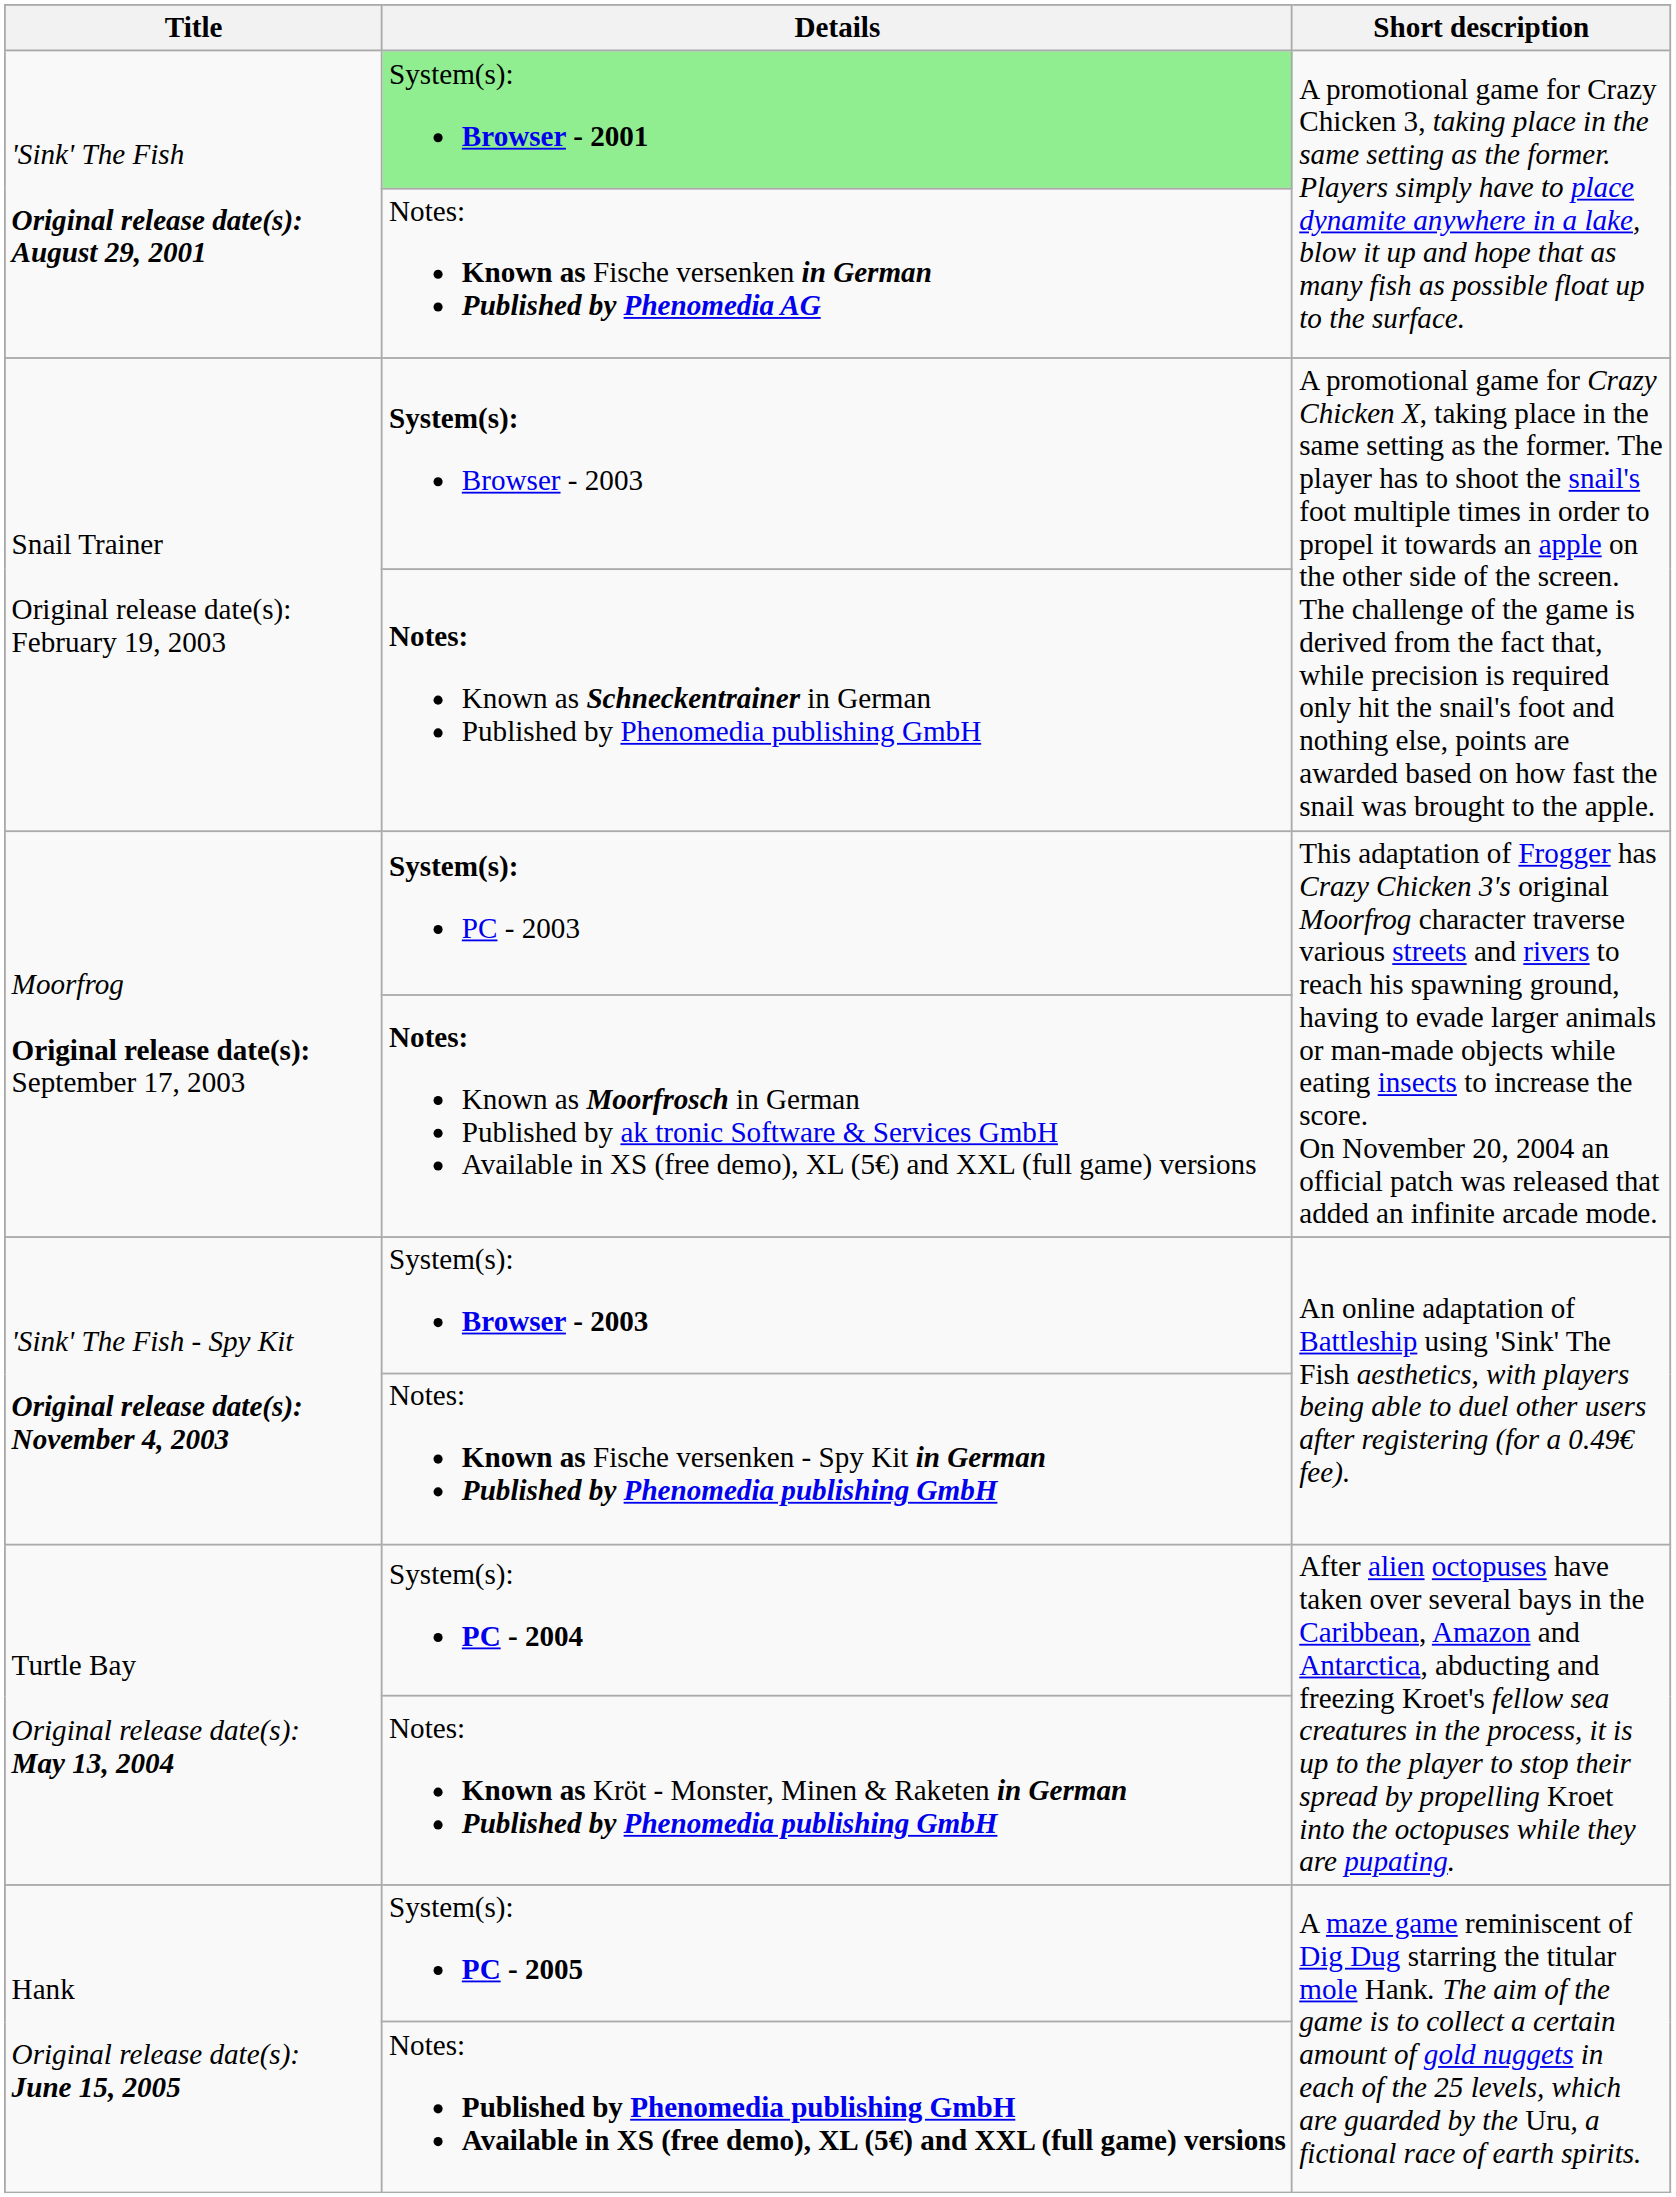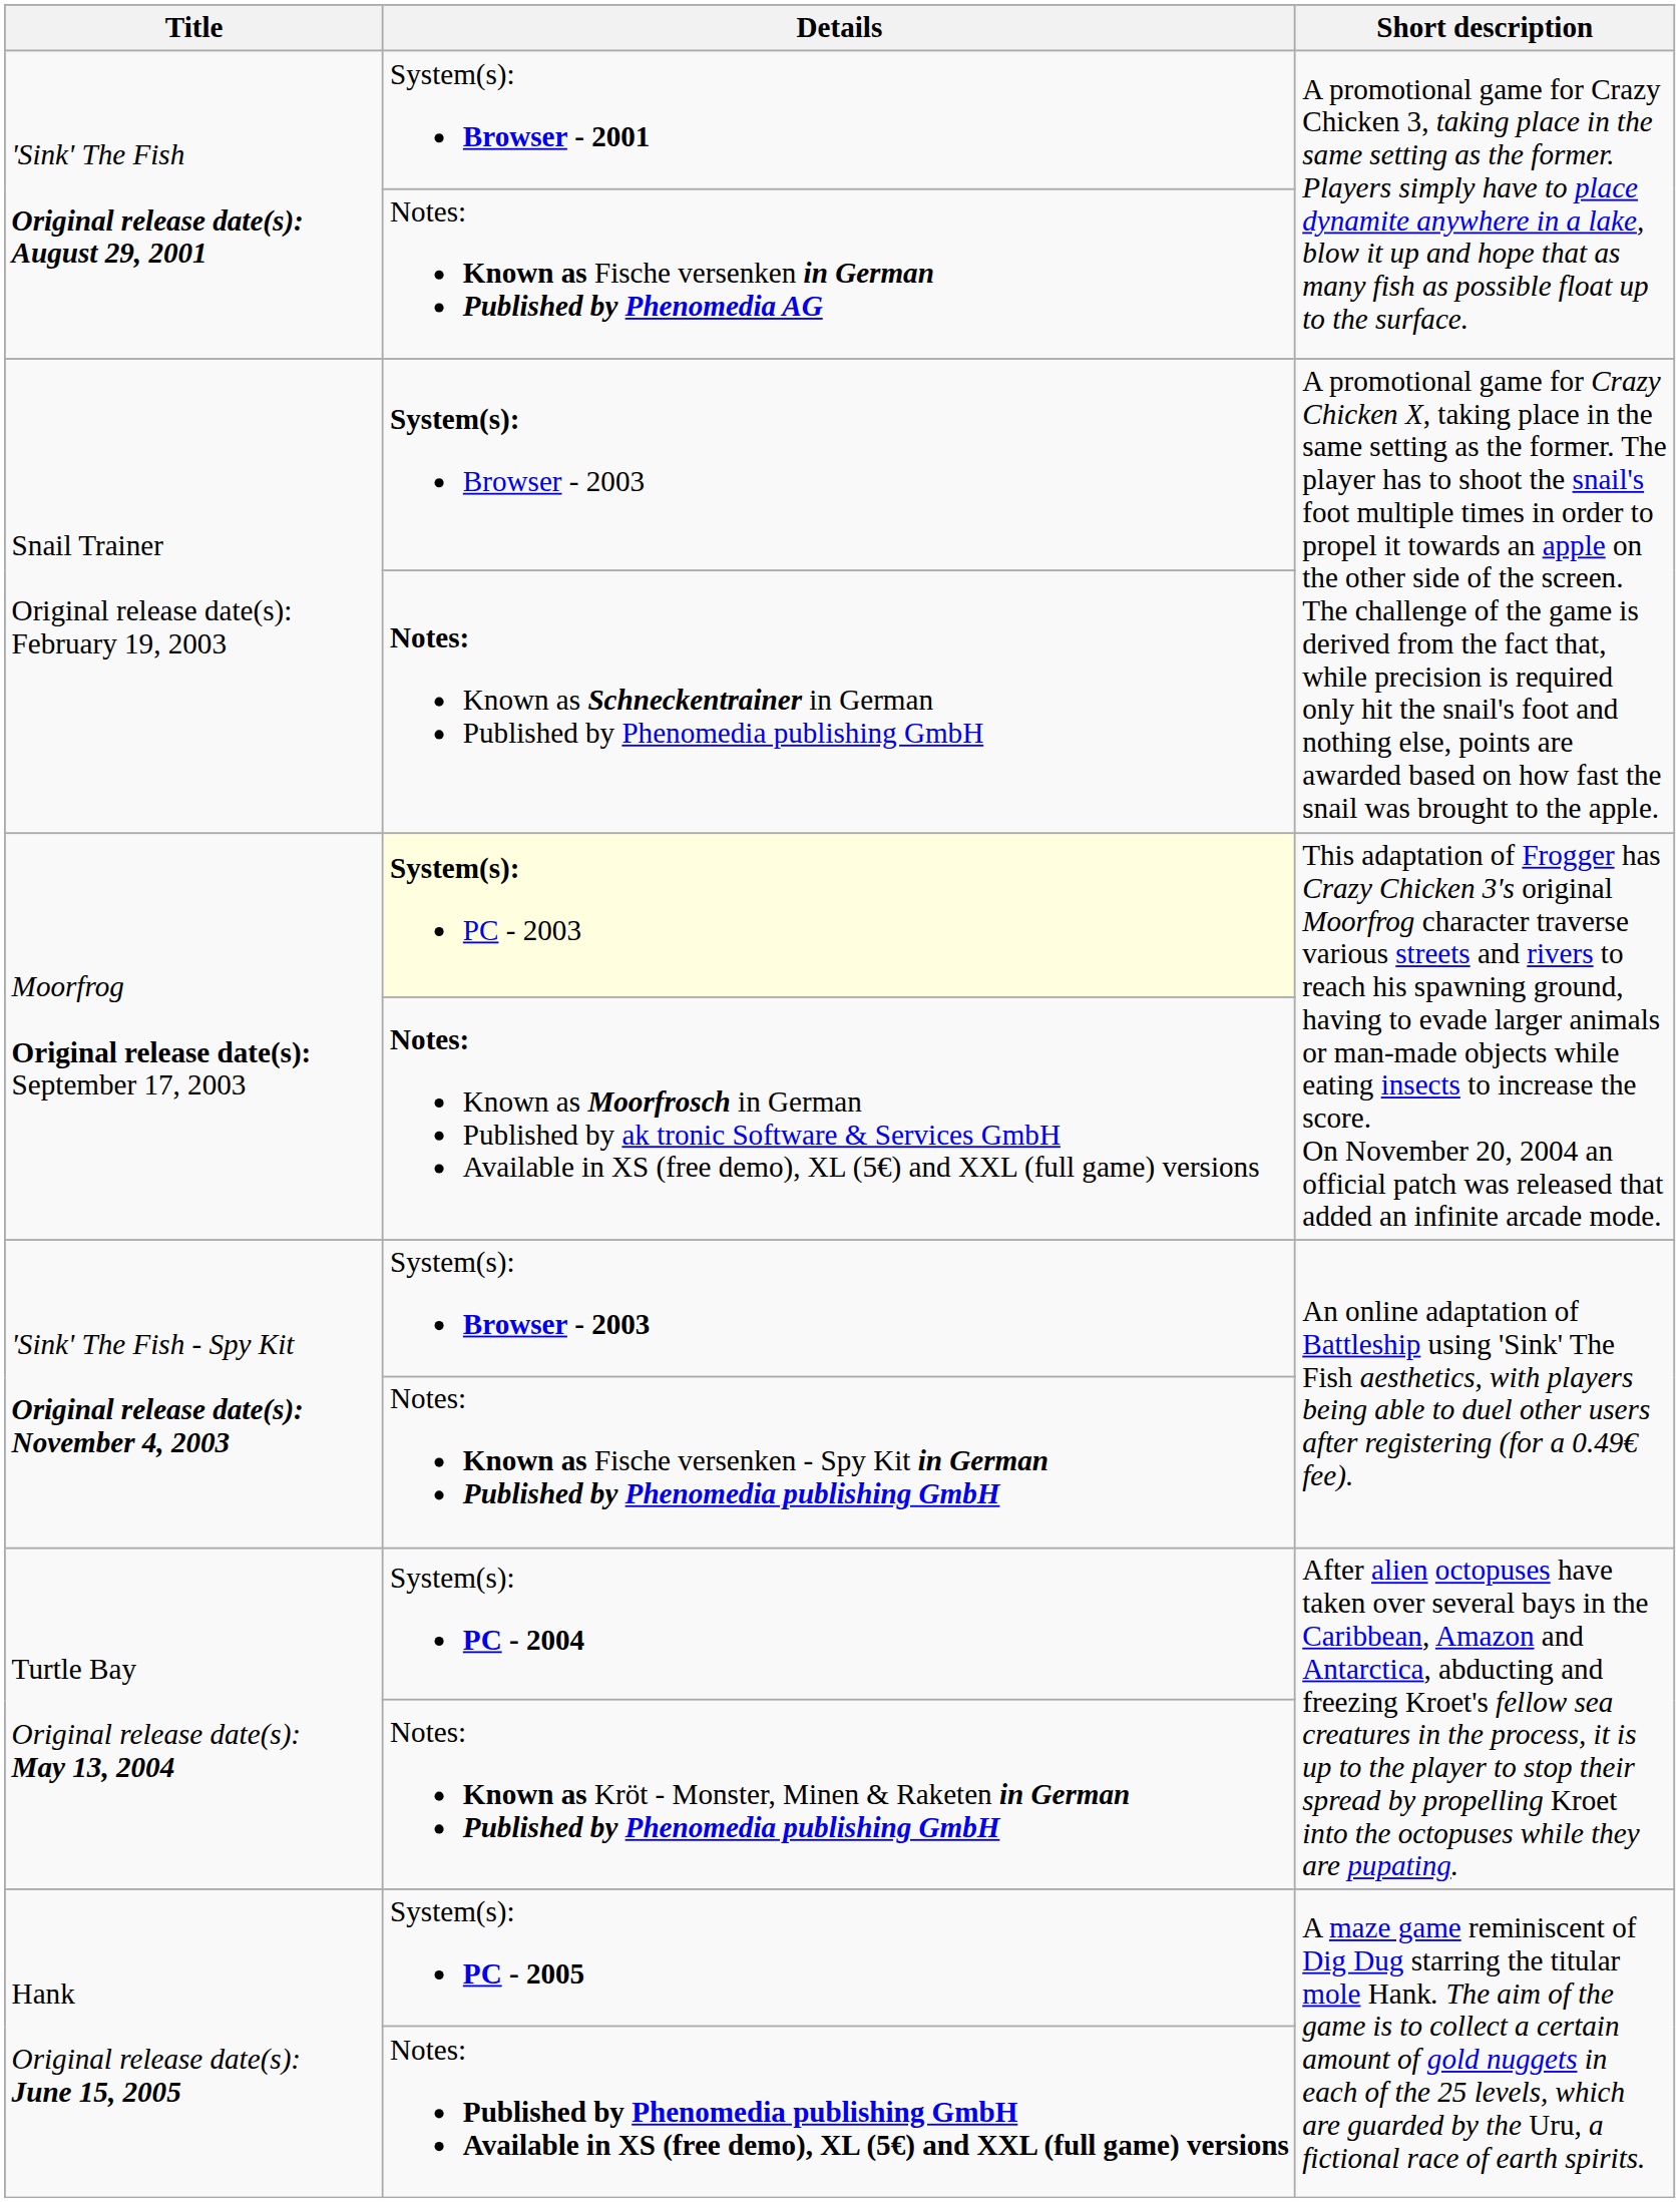 <table class="wikitable">
 <tr>
 <th style="width: 200px;">Title</th>
 <th>Details</th>
 <th style="width: 200px;">Short description</th>
 </tr>
 <tr>
 <td rowspan="2"><div><em>'Sink' The Fish<strong><em><br><br>Original release date(s):<br><strong>August 29, 2001<br></div></td>
-<td style="background: lightgreen;"></strong>System(s):<strong><br><ul><li><a href='#'>Browser</a> - 2001</li></ul></td>
+<td></strong>System(s):<strong><br><ul><li><a href='#'>Browser</a> - 2001</li></ul></td>
 <td rowspan="2">A promotional game for </em>Crazy Chicken 3,<em> taking place in the same setting as the former. Players simply have to <a href='#'>place dynamite anywhere in a lake</a>, blow it up and hope that as many fish as possible float up to the surface.</td>
 </tr>
 <tr>
 <td></strong>Notes:<strong><br><ul><li>Known as </em></strong>Fische versenken<strong><em> in German</li><li>Published by <a href='#'>Phenomedia AG</a></li></ul></td>
 </tr>
 <tr>
 <td rowspan="2"><div></em>Snail Trainer</em></strong><br><br>Original release date(s):<br></strong>February 19, 2003<br></div></td>
 <td><strong>System(s):</strong><br><ul><li><a href='#'>Browser</a> - 2003</li></ul></td>
 <td rowspan="2">A promotional game for <em>Crazy Chicken X</em>, taking place in the same setting as the former. The player has to shoot the <a href='#'>snail's</a> foot multiple times in order to propel it towards an <a href='#'>apple</a> on the other side of the screen. The challenge of the game is derived from the fact that, while precision is required only hit the snail's foot and nothing else, points are awarded based on how fast the snail was brought to the apple.</td>
 </tr>
 <tr>
 <td><strong>Notes:</strong><br><ul><li>Known as <strong><em>Schneckentrainer</em></strong> in German</li><li>Published by <a href='#'>Phenomedia publishing GmbH</a></li></ul></td>
 </tr>
 <tr>
 <td rowspan="2"><div><em>Moorfrog</em><strong><br><br>Original release date(s):<br></strong>September 17, 2003<br></div></td>
-<td><strong>System(s):</strong><br><ul><li><a href='#'>PC</a> - 2003</li></ul></td>
+<td style="background: lightyellow;"><strong>System(s):</strong><br><ul><li><a href='#'>PC</a> - 2003</li></ul></td>
 <td rowspan="2">This adaptation of <a href='#'>Frogger</a> has <em>Crazy Chicken 3's</em> original <em>Moorfrog</em> character traverse various <a href='#'>streets</a> and <a href='#'>rivers</a> to reach his spawning ground, having to evade larger animals or man-made objects while eating <a href='#'>insects</a> to increase the score.<br>On November 20, 2004 an official patch was released that added an infinite arcade mode.</td>
 </tr>
 <tr>
 <td><strong>Notes:</strong><br><ul><li>Known as <strong><em>Moorfrosch</em></strong> in German</li><li>Published by <a href='#'>ak tronic Software & Services GmbH</a></li><li>Available in XS (free demo), XL (5€) and XXL (full game) versions</li></ul></td>
 </tr>
 <tr>
 <td rowspan="2"><div><em>'Sink' The Fish - Spy Kit<strong><em><br><br>Original release date(s):<br><strong>November 4, 2003<br></div></td>
 <td></strong>System(s):<strong><br><ul><li><a href='#'>Browser</a> - 2003</li></ul></td>
 <td rowspan="2">An online adaptation of <a href='#'>Battleship</a> using </em>'Sink' The Fish<em> aesthetics, with players being able to duel other users after registering (for a 0.49€ fee).</td>
 </tr>
 <tr>
 <td></strong>Notes:<strong><br><ul><li>Known as </em></strong>Fische versenken - Spy Kit<strong><em> in German</li><li>Published by <a href='#'>Phenomedia publishing GmbH</a></li></ul></td>
 </tr>
 <tr>
 <td rowspan="2"><div></em>Turtle Bay<em></strong><br><br>Original release date(s):<br><strong>May 13, 2004<br></div></td>
 <td></strong>System(s):<strong><br><ul><li><a href='#'>PC</a> - 2004</li></ul></td>
 <td rowspan="2">After <a href='#'>alien</a> <a href='#'>octopuses</a> have taken over several bays in the <a href='#'>Caribbean</a>, <a href='#'>Amazon</a> and <a href='#'>Antarctica</a>, abducting and freezing </em>Kroet's<em> fellow sea creatures in the process, it is up to the player to stop their spread by propelling </em>Kroet<em> into the octopuses while they are <a href='#'>pupating</a>.</td>
 </tr>
 <tr>
 <td></strong>Notes:<strong><br><ul><li>Known as </em></strong>Kröt - Monster, Minen & Raketen<strong><em> in German</li><li>Published by <a href='#'>Phenomedia publishing GmbH</a></li></ul></td>
 </tr>
 <tr>
 <td rowspan="2"><div></em>Hank<em></strong><br><br>Original release date(s):<br><strong>June 15, 2005<br></div></td>
 <td></strong>System(s):<strong><br><ul><li><a href='#'>PC</a> - 2005</li></ul></td>
 <td rowspan="2">A <a href='#'>maze game</a> reminiscent of <a href='#'>Dig Dug</a> starring the titular <a href='#'>mole</a> </em>Hank<em>. The aim of the game is to collect a certain amount of <a href='#'>gold nuggets</a> in each of the 25 levels, which are guarded by the </em>Uru<em>, a fictional race of earth spirits.</td>
 </tr>
 <tr>
 <td></strong>Notes:<strong><br><ul><li>Published by <a href='#'>Phenomedia publishing GmbH</a></li><li>Available in XS (free demo), XL (5€) and XXL (full game) versions</li></ul></td>
 </tr>
 </table>
